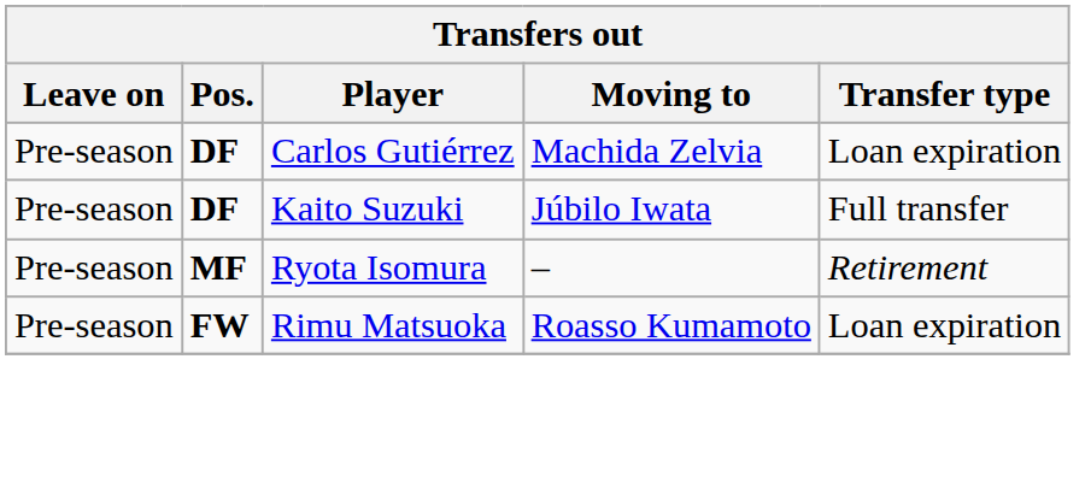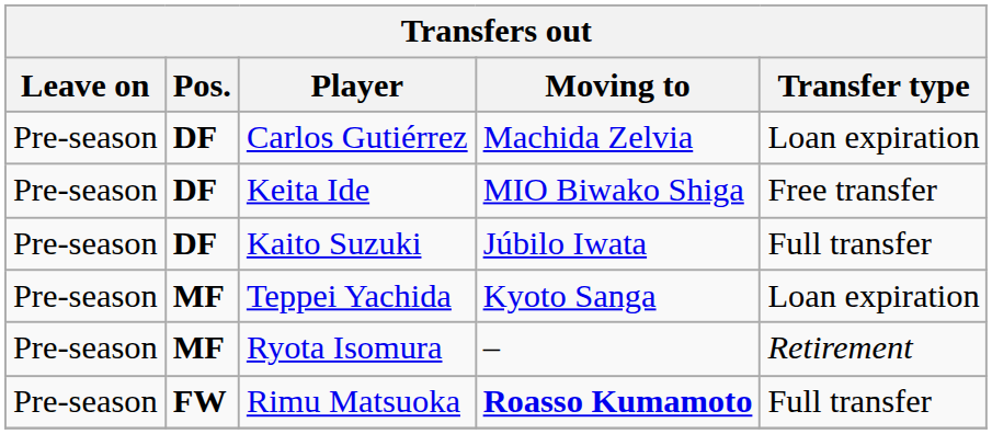 <table class="wikitable sortable" style=“text-align:left;>
 <tr>
 <th colspan="5">Transfers out</th>
 </tr>
 <tr>
 <th>Leave on</th>
 <th>Pos.</th>
 <th>Player</th>
 <th>Moving to</th>
 <th>Transfer type</th>
 </tr>
 <tr>
 <td>Pre-season</td>
 <td><strong>DF</strong></td>
 <td> <a href='#'>Carlos Gutiérrez</a></td>
 <td> <a href='#'>Machida Zelvia</a></td>
 <td>Loan expiration</td>
 </tr>
 <tr>
 <td>Pre-season</td>
 <td><strong>DF</strong></td>
+<td> <a href='#'>Keita Ide</a></td>
+<td> <a href='#'>MIO Biwako Shiga</a></td>
+<td>Free transfer</td>
+</tr>
+<tr>
+<td>Pre-season</td>
+<td><strong>DF</strong></td>
 <td> <a href='#'>Kaito Suzuki</a></td>
 <td> <a href='#'>Júbilo Iwata</a></td>
 <td>Full transfer</td>
+</tr>
+<tr>
+<td>Pre-season</td>
+<td><strong>MF</strong></td>
+<td> <a href='#'>Teppei Yachida</a></td>
+<td> <a href='#'>Kyoto Sanga</a></td>
+<td>Loan expiration</td>
 </tr>
 <tr>
 <td>Pre-season</td>
 <td><strong>MF</strong></td>
 <td> <a href='#'>Ryota Isomura</a></td>
 <td>–</td>
 <td><em>Retirement</em></td>
 </tr>
 <tr>
 <td>Pre-season</td>
 <td><strong>FW</strong></td>
 <td> <a href='#'>Rimu Matsuoka</a></td>
-<td> <a href='#'>Roasso Kumamoto</a></td>
-<td>Loan expiration</td>
+<td><strong> <a href='#'>Roasso Kumamoto</a></strong></td>
+<td>Full transfer</td>
 </tr>
 <tr>
 </tr>
 </table>
